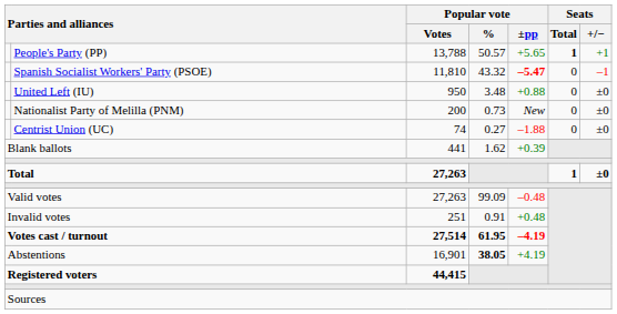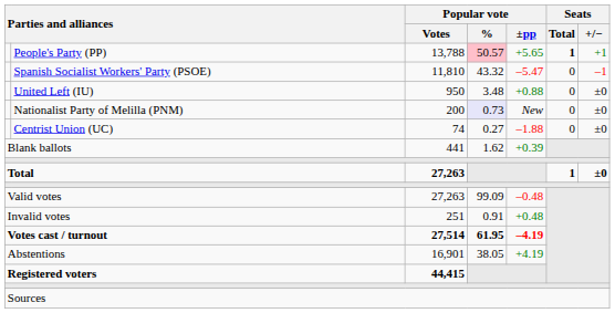 <table class="wikitable" style="text-align:right;">
 <tr>
 <th style="text-align:left;" rowspan="2" colspan="2" width="525">Parties and alliances</th>
 <th colspan="3">Popular vote</th>
 <th colspan="2">Seats</th>
 </tr>
 <tr>
 <th width="75">Votes</th>
 <th width="45">%</th>
 <th width="45">±<a href='#'>pp</a></th>
 <th width="35">Total</th>
 <th width="35">+/−</th>
 </tr>
 <tr>
 <td width="1" style="color:inherit;background:"></td>
 <td align="left"><a href='#'>People's Party</a> (PP)</td>
 <td>13,788</td>
-<td>50.57</td>
+<td style="background: pink;">50.57</td>
 <td style="color:green;">+5.65</td>
 <td><strong>1</strong></td>
 <td style="color:green;">+1</td>
 </tr>
 <tr>
 <td style="color:inherit;background:"></td>
 <td align="left"><a href='#'>Spanish Socialist Workers' Party</a> (PSOE)</td>
 <td>11,810</td>
 <td>43.32</td>
-<td style="color:red;"><strong>–5.47</strong></td>
+<td style="color:red;">–5.47</td>
 <td>0</td>
 <td style="color:red;">–1</td>
 </tr>
 <tr>
 <td style="color:inherit;background:"></td>
 <td align="left"><a href='#'>United Left</a> (IU)</td>
 <td>950</td>
 <td>3.48</td>
 <td style="color:green;">+0.88</td>
 <td>0</td>
 <td>±0</td>
 </tr>
 <tr>
 <td style="color:inherit;background:"></td>
 <td align="left">Nationalist Party of Melilla (PNM)</td>
 <td>200</td>
-<td>0.73</td>
+<td style="background: lavender;">0.73</td>
 <td><em>New</em></td>
 <td>0</td>
 <td>±0</td>
 </tr>
 <tr>
 <td style="color:inherit;background:"></td>
 <td align="left"><a href='#'>Centrist Union</a> (UC)</td>
 <td>74</td>
 <td>0.27</td>
 <td style="color:red;">–1.88</td>
 <td>0</td>
 <td>±0</td>
 </tr>
 <tr>
 <td align="left" colspan="2">Blank ballots</td>
 <td>441</td>
 <td>1.62</td>
 <td style="color:green;">+0.39</td>
 <td bgcolor="#E9E9E9" colspan="2"></td>
 </tr>
 <tr>
 <td colspan="7" bgcolor="#E9E9E9"></td>
 </tr>
 <tr style="font-weight:bold;">
 <td align="left" colspan="2">Total</td>
 <td>27,263</td>
 <td bgcolor="#E9E9E9" colspan="2"></td>
 <td>1</td>
 <td>±0</td>
 </tr>
 <tr>
 <td colspan="7" bgcolor="#E9E9E9"></td>
 </tr>
 <tr>
 <td align="left" colspan="2">Valid votes</td>
 <td>27,263</td>
 <td>99.09</td>
 <td style="color:red;">–0.48</td>
 <td bgcolor="#E9E9E9" colspan="2" rowspan="5"></td>
 </tr>
 <tr>
 <td align="left" colspan="2">Invalid votes</td>
 <td>251</td>
 <td>0.91</td>
 <td style="color:green;">+0.48</td>
 </tr>
 <tr style="font-weight:bold;">
 <td align="left" colspan="2">Votes cast / turnout</td>
 <td>27,514</td>
 <td>61.95</td>
 <td style="color:red;">–4.19</td>
 </tr>
 <tr>
 <td align="left" colspan="2">Abstentions</td>
 <td>16,901</td>
-<td><strong>38.05</strong></td>
+<td>38.05</td>
 <td style="color:green;">+4.19</td>
 </tr>
 <tr style="font-weight:bold;">
 <td align="left" colspan="2">Registered voters</td>
 <td>44,415</td>
 <td bgcolor="#E9E9E9" colspan="2"></td>
 </tr>
 <tr>
 <td colspan="7" bgcolor="#E9E9E9"></td>
 </tr>
 <tr>
 <td align="left" colspan="7">Sources</td>
 </tr>
 </table>
